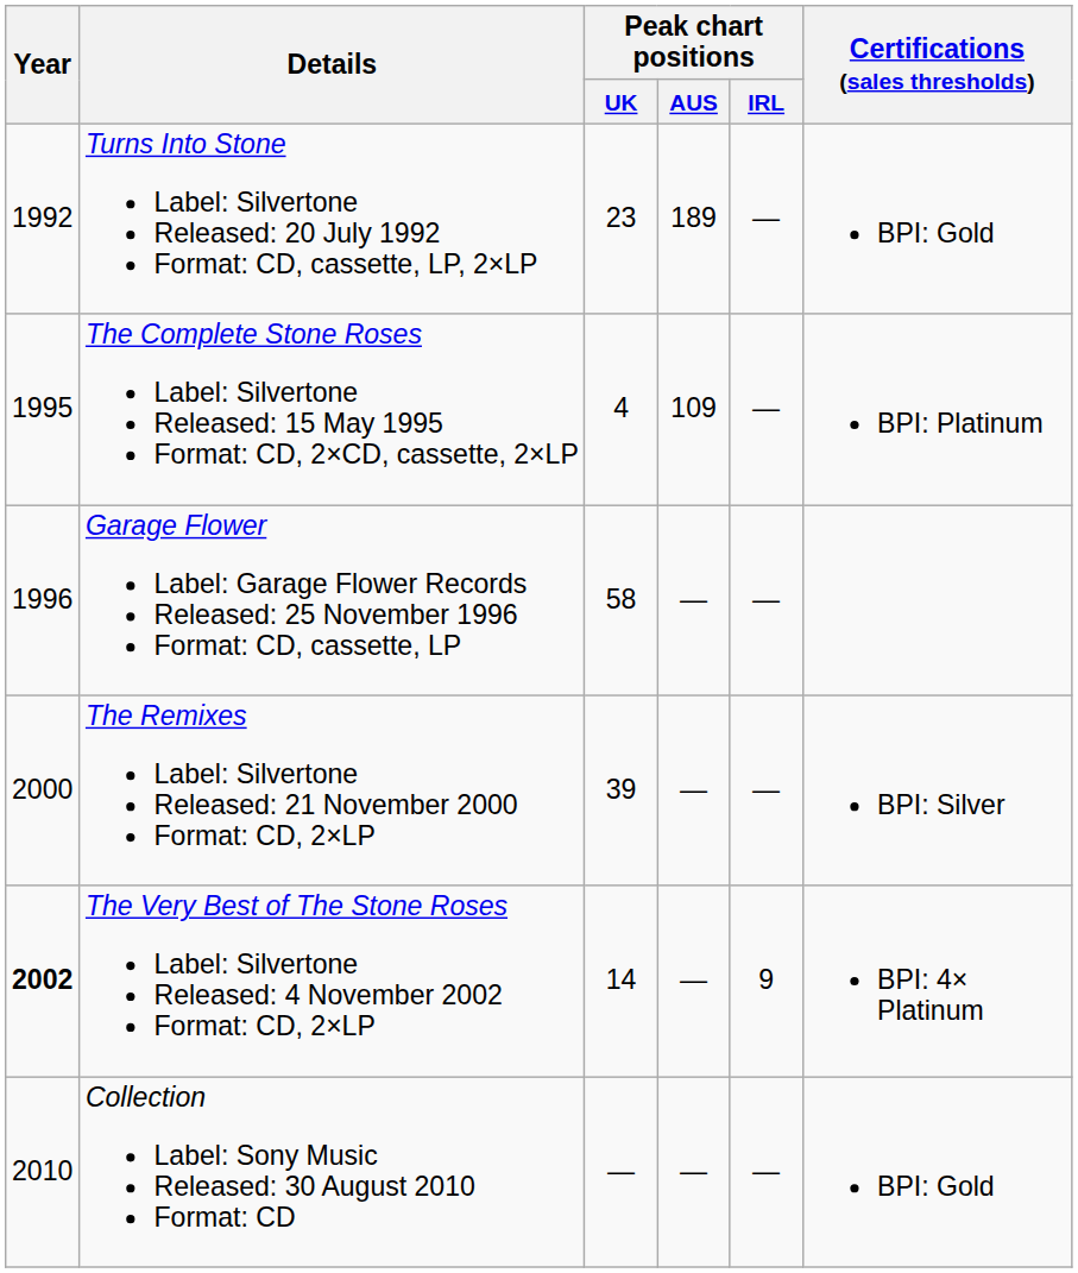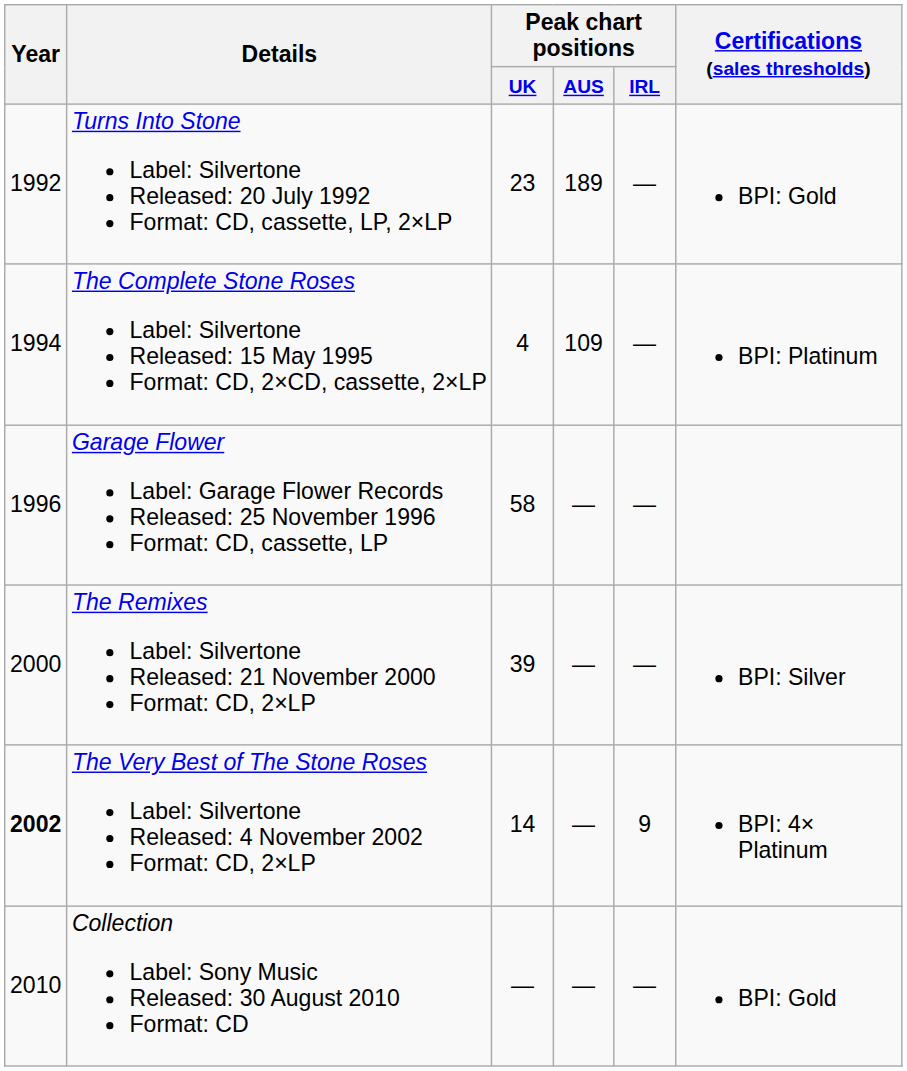 <table class="wikitable">
 <tr>
 <th rowspan="2">Year</th>
 <th rowspan="2">Details</th>
 <th colspan="3">Peak chart positions</th>
 <th rowspan="2" width="150"><a href='#'>Certifications</a><br><small>(<a href='#'>sales thresholds</a>)</small></th>
 </tr>
 <tr>
 <th width="35"><small><a href='#'>UK</a><br></small></th>
 <th width="35"><small><a href='#'>AUS</a><br></small></th>
 <th width="35"><small><a href='#'>IRL</a><br></small></th>
 </tr>
 <tr>
 <td>1992</td>
 <td><em><a href='#'>Turns Into Stone</a></em><br><ul><li>Label: Silvertone</li><li>Released: 20 July 1992</li><li>Format: CD, cassette, LP, 2×LP</li></ul></td>
 <td align="center">23</td>
 <td align="center">189</td>
 <td align="center">—</td>
 <td><br><ul><li>BPI: Gold</li></ul></td>
 </tr>
 <tr>
-<td>1995</td>
+<td>1994</td>
 <td><em><a href='#'>The Complete Stone Roses</a></em><br><ul><li>Label: Silvertone</li><li>Released: 15 May 1995</li><li>Format: CD, 2×CD, cassette, 2×LP</li></ul></td>
 <td align="center">4</td>
 <td align="center">109</td>
 <td align="center">—</td>
 <td><br><ul><li>BPI: Platinum</li></ul></td>
 </tr>
 <tr>
 <td>1996</td>
 <td><em><a href='#'>Garage Flower</a></em><br><ul><li>Label: Garage Flower Records</li><li>Released: 25 November 1996</li><li>Format: CD, cassette, LP</li></ul></td>
 <td align="center">58</td>
 <td align="center">—</td>
 <td align="center">—</td>
 <td></td>
 </tr>
 <tr>
 <td>2000</td>
 <td><em><a href='#'>The Remixes</a></em><br><ul><li>Label: Silvertone</li><li>Released: 21 November 2000</li><li>Format: CD, 2×LP</li></ul></td>
 <td align="center">39</td>
 <td align="center">—</td>
 <td align="center">—</td>
 <td><br><ul><li>BPI: Silver</li></ul></td>
 </tr>
 <tr>
 <td><strong>2002</strong></td>
 <td><em><a href='#'>The Very Best of The Stone Roses</a></em><br><ul><li>Label: Silvertone</li><li>Released: 4 November 2002</li><li>Format: CD, 2×LP</li></ul></td>
 <td align="center">14</td>
 <td align="center">—</td>
 <td align="center">9</td>
 <td><br><ul><li>BPI: 4× Platinum</li></ul></td>
 </tr>
 <tr>
 <td>2010</td>
 <td><em>Collection</em><br><ul><li>Label: Sony Music</li><li>Released: 30 August 2010</li><li>Format: CD</li></ul></td>
 <td align="center">—</td>
 <td align="center">—</td>
 <td align="center">—</td>
 <td><br><ul><li>BPI: Gold</li></ul></td>
 </tr>
 </table>
